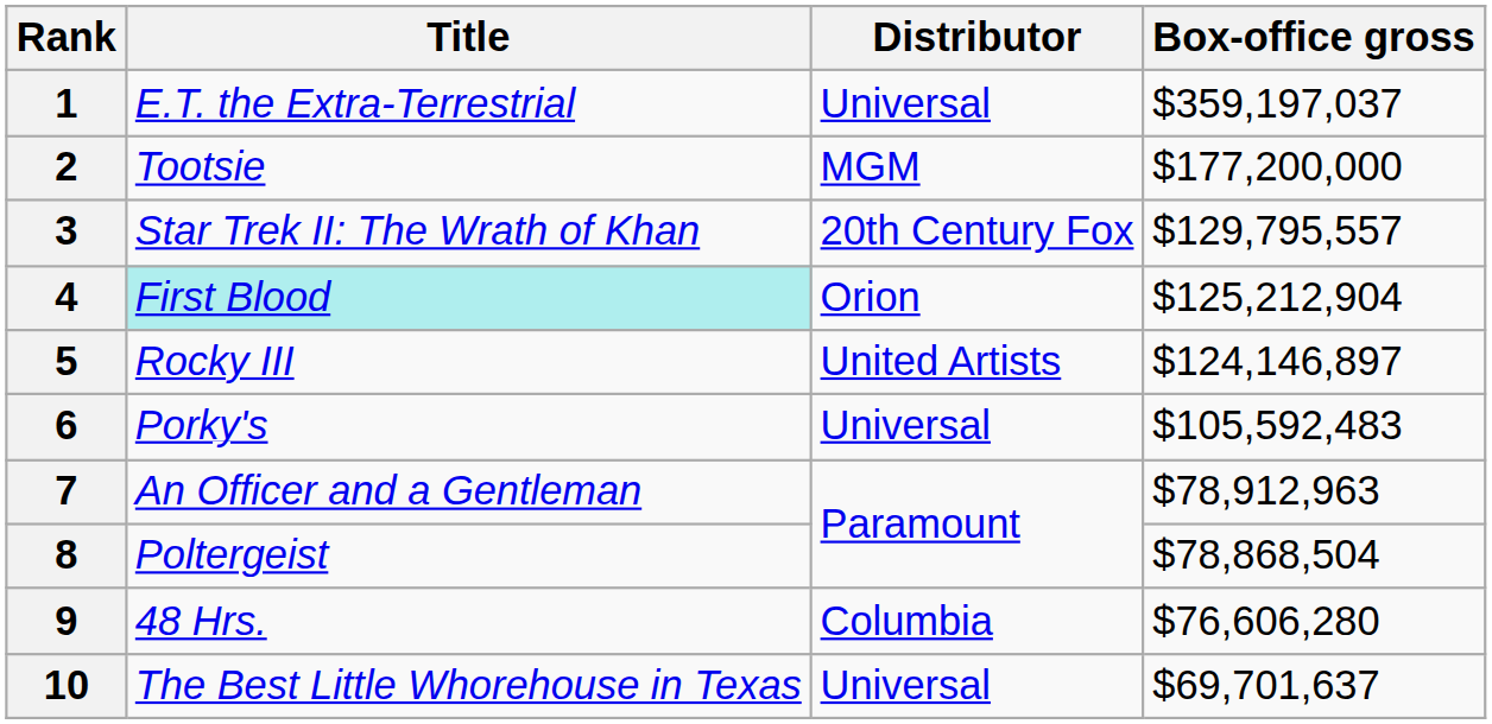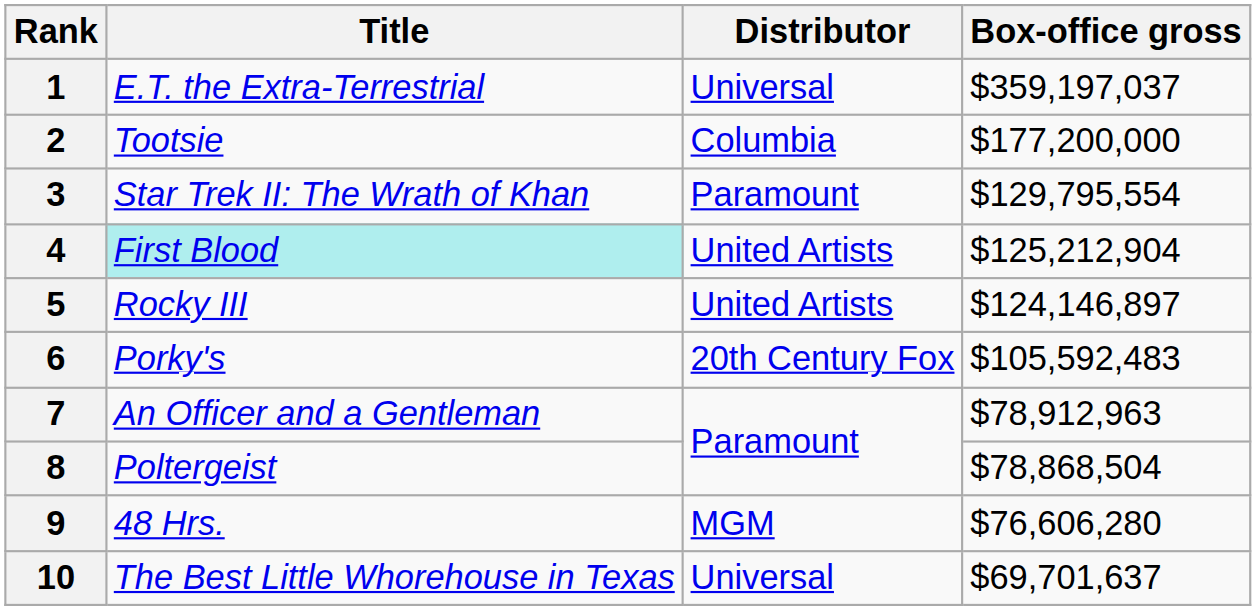 <table class="wikitable sortable" style="margin:auto; margin:auto;">
 <tr>
 <th>Rank</th>
 <th>Title</th>
 <th>Distributor</th>
 <th>Box-office gross</th>
 </tr>
 <tr>
 <th style="text-align:center;">1</th>
 <td><em><a href='#'>E.T. the Extra-Terrestrial</a></em></td>
 <td><a href='#'>Universal</a></td>
 <td>$359,197,037</td>
 </tr>
 <tr>
 <th style="text-align:center;">2</th>
 <td><em><a href='#'>Tootsie</a></em></td>
-<td><a href='#'>MGM</a></td>
+<td><a href='#'>Columbia</a></td>
 <td>$177,200,000</td>
 </tr>
 <tr>
 <th style="text-align:center;">3</th>
 <td><em><a href='#'>Star Trek II: The Wrath of Khan</a></em></td>
-<td><a href='#'>20th Century Fox</a></td>
-<td>$129,795,557</td>
+<td><a href='#'>Paramount</a></td>
+<td>$129,795,554</td>
 </tr>
 <tr>
 <th style="text-align:center;”">4</th>
 <td style="background: paleturquoise;"><em><a href='#'>First Blood</a></em></td>
-<td><a href='#'>Orion</a></td>
+<td><a href='#'>United Artists</a></td>
 <td>$125,212,904</td>
 </tr>
 <tr>
 <th style="text-align:center;">5</th>
 <td><em><a href='#'>Rocky III</a></em></td>
 <td><a href='#'>United Artists</a></td>
 <td>$124,146,897</td>
 </tr>
 <tr>
 <th style="text-align:center;">6</th>
 <td><em><a href='#'>Porky's</a></em></td>
-<td><a href='#'>Universal</a></td>
+<td><a href='#'>20th Century Fox</a></td>
 <td>$105,592,483</td>
 </tr>
 <tr>
 <th style="text-align:center;">7</th>
 <td><em><a href='#'>An Officer and a Gentleman</a></em></td>
 <td rowspan="2"><a href='#'>Paramount</a></td>
 <td>$78,912,963</td>
 </tr>
 <tr>
 <th style="text-align:center;">8</th>
 <td><em><a href='#'>Poltergeist</a></em></td>
 <td>$78,868,504</td>
 </tr>
 <tr>
 <th style="text-align:center;">9</th>
 <td><em><a href='#'>48 Hrs.</a></em></td>
-<td><a href='#'>Columbia</a></td>
+<td><a href='#'>MGM</a></td>
 <td>$76,606,280</td>
 </tr>
 <tr>
 <th style="text-align:center;">10</th>
 <td><em><a href='#'>The Best Little Whorehouse in Texas</a></em></td>
 <td><a href='#'>Universal</a></td>
 <td>$69,701,637</td>
 </tr>
 </table>
